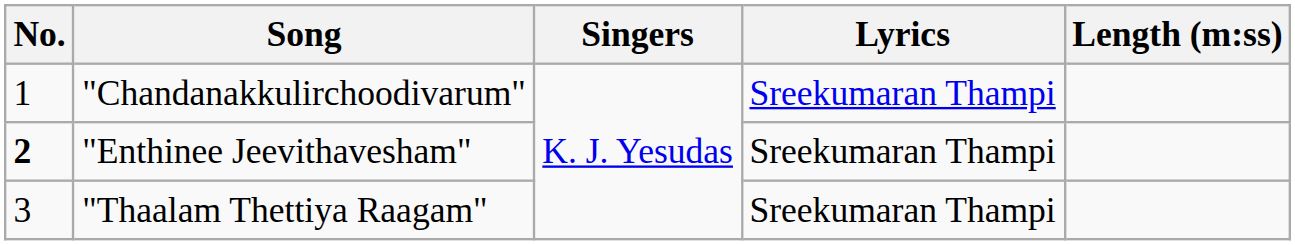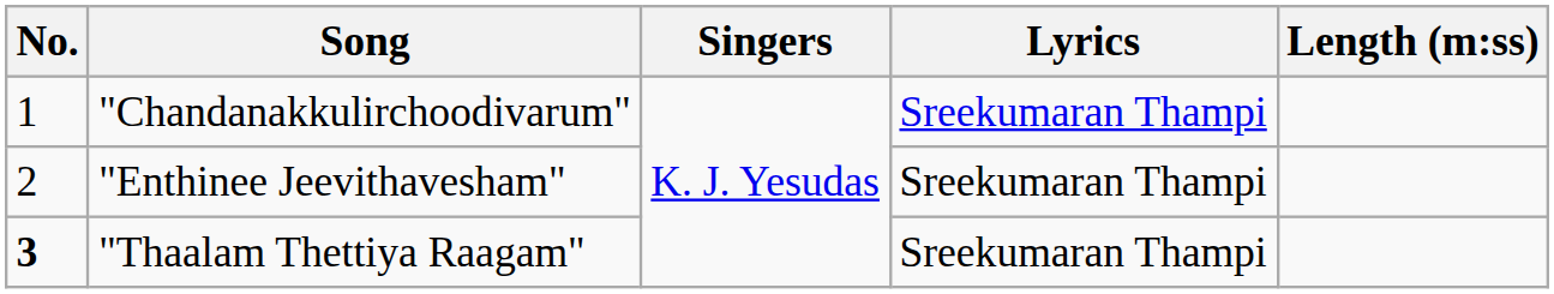 <table class="wikitable" style="font-size:95%;">
 <tr>
 <th>No.</th>
 <th>Song</th>
 <th>Singers</th>
 <th>Lyrics</th>
 <th>Length (m:ss)</th>
 </tr>
 <tr>
 <td>1</td>
 <td>"Chandanakkulirchoodivarum"</td>
 <td rowspan="3"><a href='#'>K. J. Yesudas</a></td>
 <td><a href='#'>Sreekumaran Thampi</a></td>
 <td></td>
 </tr>
 <tr>
-<td><strong>2</strong></td>
+<td>2</td>
 <td>"Enthinee Jeevithavesham"</td>
 <td>Sreekumaran Thampi</td>
 <td></td>
 </tr>
 <tr>
-<td>3</td>
+<td><strong>3</strong></td>
 <td>"Thaalam Thettiya Raagam"</td>
 <td>Sreekumaran Thampi</td>
 <td></td>
 </tr>
 </table>
